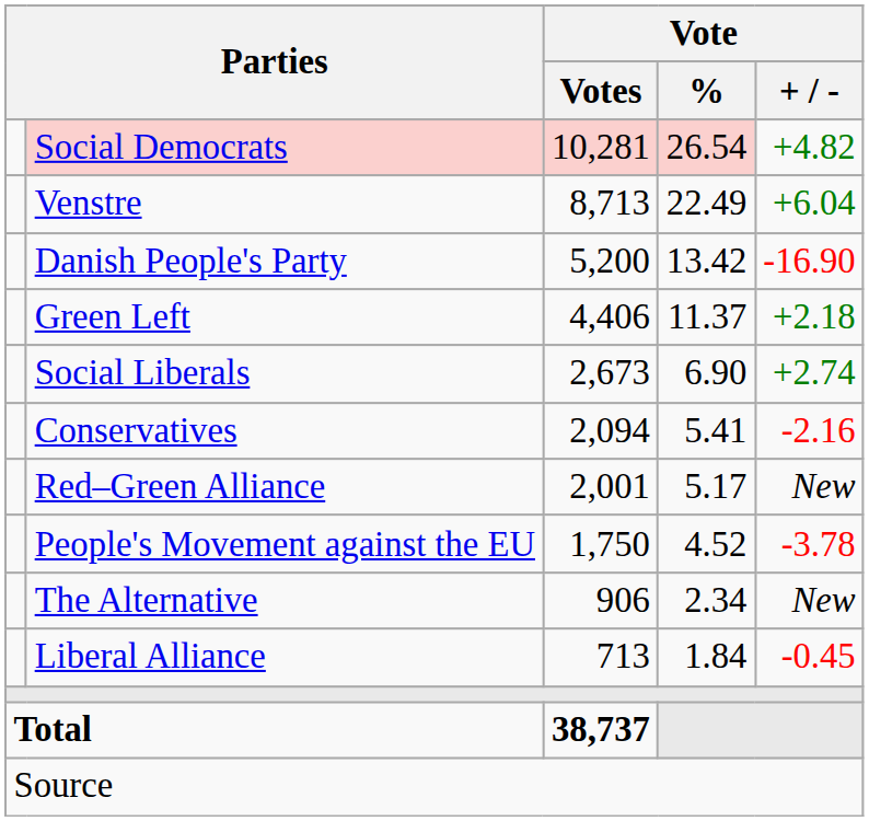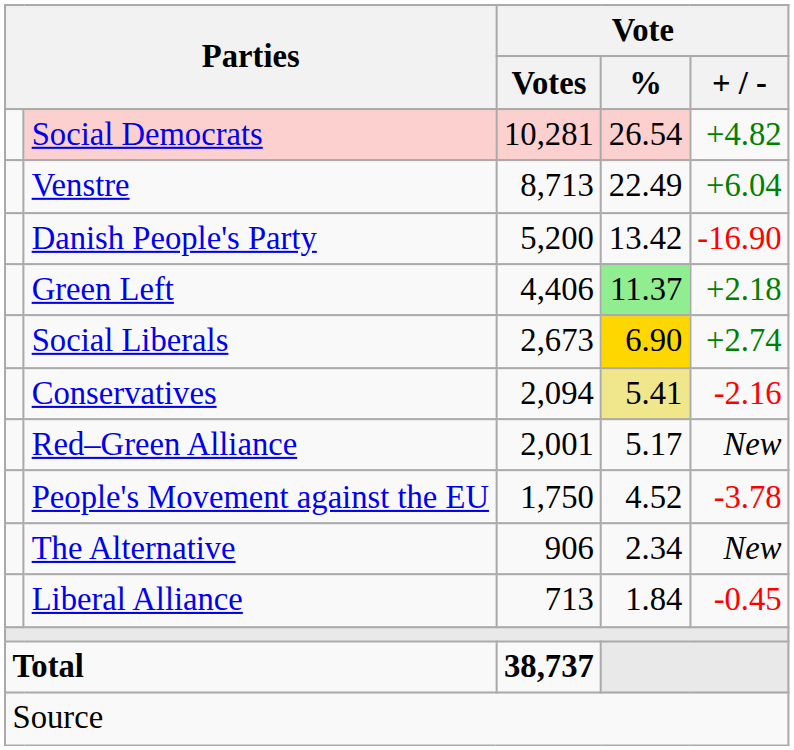 <table class="wikitable" style="text-align:right;">
 <tr>
 <th style="text-align:centre;" rowspan="2" colspan="2" width="225">Parties</th>
 <th colspan="3">Vote</th>
 </tr>
 <tr>
 <th width="15">Votes</th>
 <th width="15">%</th>
 <th width="15">+ / -</th>
 </tr>
 <tr>
 <td width="2" style="color:inherit;background:"></td>
 <td bgcolor=#fbd0ce   align="left"><a href='#'>Social Democrats</a></td>
 <td bgcolor=#fbd0ce>10,281</td>
 <td bgcolor=#fbd0ce>26.54</td>
 <td style=color:green;>+4.82</td>
 </tr>
 <tr>
 <td width="2" style="color:inherit;background:"></td>
 <td align="left"><a href='#'>Venstre</a></td>
 <td>8,713</td>
 <td>22.49</td>
 <td style=color:green;>+6.04</td>
 </tr>
 <tr>
 <td width="2" style="color:inherit;background:"></td>
 <td align="left"><a href='#'>Danish People's Party</a></td>
 <td>5,200</td>
 <td>13.42</td>
 <td style=color:red;>-16.90</td>
 </tr>
 <tr>
 <td width="2" style="color:inherit;background:"></td>
 <td align="left"><a href='#'>Green Left</a></td>
 <td>4,406</td>
-<td>11.37</td>
+<td style="background: lightgreen;">11.37</td>
 <td style=color:green;>+2.18</td>
 </tr>
 <tr>
 <td width="2" style="color:inherit;background:"></td>
 <td align="left"><a href='#'>Social Liberals</a></td>
 <td>2,673</td>
-<td>6.90</td>
+<td style="background: gold;">6.90</td>
 <td style=color:green;>+2.74</td>
 </tr>
 <tr>
 <td width="2" style="color:inherit;background:"></td>
 <td align="left"><a href='#'>Conservatives</a></td>
 <td>2,094</td>
-<td>5.41</td>
+<td style="background: khaki;">5.41</td>
 <td style=color:red;>-2.16</td>
 </tr>
 <tr>
 <td width="2" style="color:inherit;background:"></td>
 <td align="left"><a href='#'>Red–Green Alliance</a></td>
 <td>2,001</td>
 <td>5.17</td>
 <td><em>New</em></td>
 </tr>
 <tr>
 <td width="2" style="color:inherit;background:"></td>
 <td align="left"><a href='#'>People's Movement against the EU</a></td>
 <td>1,750</td>
 <td>4.52</td>
 <td style=color:red;>-3.78</td>
 </tr>
 <tr>
 <td width="2" style="color:inherit;background:"></td>
 <td align="left"><a href='#'>The Alternative</a></td>
 <td>906</td>
 <td>2.34</td>
 <td><em>New</em></td>
 </tr>
 <tr>
 <td width="2" style="color:inherit;background:"></td>
 <td align="left"><a href='#'>Liberal Alliance</a></td>
 <td>713</td>
 <td>1.84</td>
 <td style=color:red;>-0.45</td>
 </tr>
 <tr>
 <td colspan="7" bgcolor="#E9E9E9"></td>
 </tr>
 <tr>
 <td align="left" colspan="2"><strong>Total</strong></td>
 <td><strong>38,737</strong></td>
 <td bgcolor="#E9E9E9" colspan="2"></td>
 </tr>
 <tr>
 <td align="left" colspan="6">Source</td>
 </tr>
 </table>
